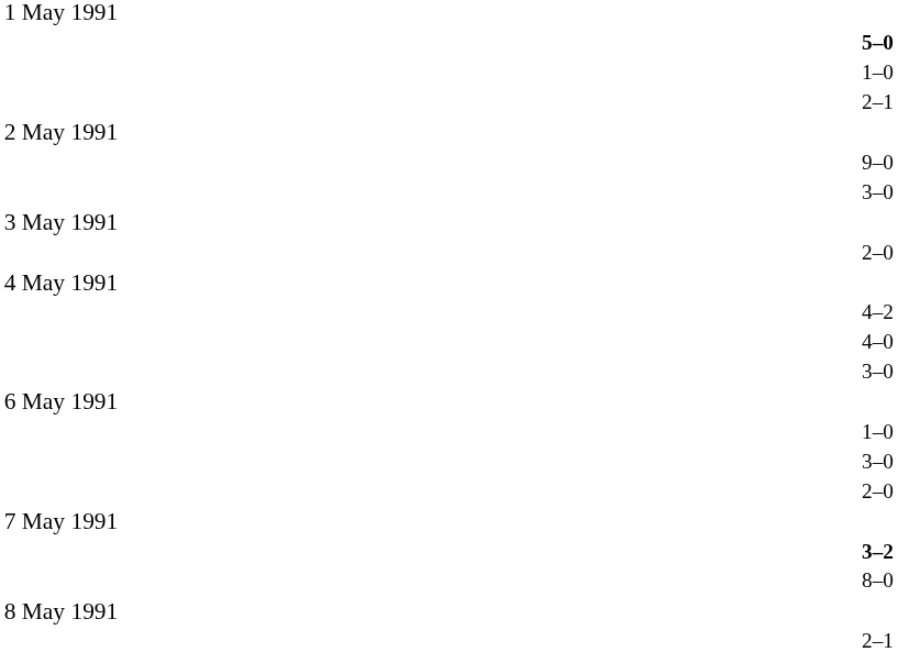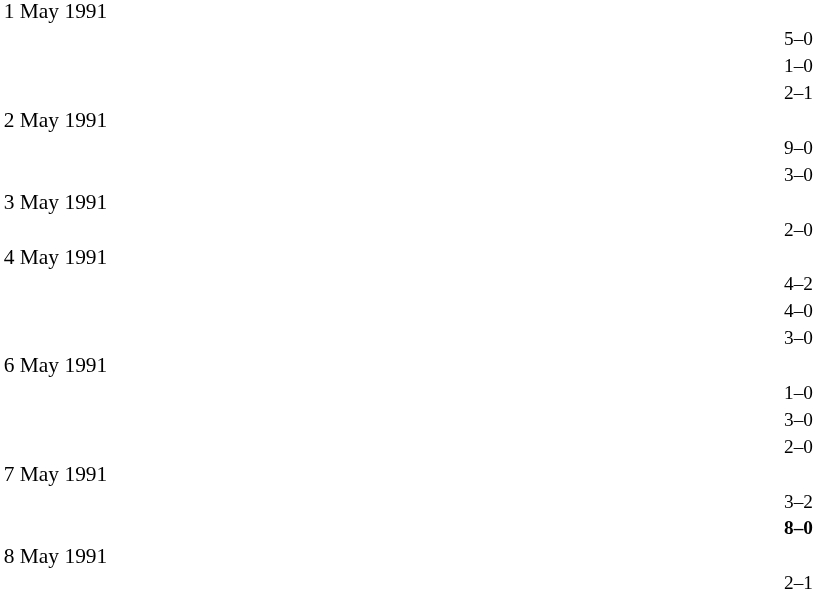 <table style="width:60%;" cellspacing="1">
 <tr>
 <th width=25%></th>
 <th width=10%></th>
 <th width=25%></th>
 </tr>
 <tr>
 <td>1 May 1991</td>
 </tr>
 <tr style=font-size:90%>
 <td align=right></td>
-<td align=center><strong>5–0</strong></td>
+<td align=center>5–0</td>
 <td></td>
 </tr>
 <tr style=font-size:90%>
 <td align=right></td>
 <td align=center>1–0</td>
 <td></td>
 </tr>
 <tr style=font-size:90%>
 <td align=right></td>
 <td align=center>2–1</td>
 <td></td>
 </tr>
 <tr>
 <td>2 May 1991</td>
 </tr>
 <tr style=font-size:90%>
 <td align=right></td>
 <td align=center>9–0</td>
 <td></td>
 </tr>
 <tr style=font-size:90%>
 <td align=right></td>
 <td align=center>3–0</td>
 <td></td>
 </tr>
 <tr>
 <td>3 May 1991</td>
 </tr>
 <tr style=font-size:90%>
 <td align=right></td>
 <td align=center>2–0</td>
 <td></td>
 </tr>
 <tr>
 <td>4 May 1991</td>
 </tr>
 <tr style=font-size:90%>
 <td align=right></td>
 <td align=center>4–2</td>
 <td></td>
 </tr>
 <tr style=font-size:90%>
 <td align=right></td>
 <td align=center>4–0</td>
 <td></td>
 </tr>
 <tr style=font-size:90%>
 <td align=right></td>
 <td align=center>3–0</td>
 <td></td>
 </tr>
 <tr>
 <td>6 May 1991</td>
 </tr>
 <tr style=font-size:90%>
 <td align=right></td>
 <td align=center>1–0</td>
 <td></td>
 </tr>
 <tr style=font-size:90%>
 <td align=right></td>
 <td align=center>3–0</td>
 <td></td>
 </tr>
 <tr style=font-size:90%>
 <td align=right></td>
 <td align=center>2–0</td>
 <td></td>
 </tr>
 <tr>
 <td>7 May 1991</td>
 </tr>
 <tr style=font-size:90%>
 <td align=right></td>
-<td align=center><strong>3–2</strong></td>
+<td align=center>3–2</td>
 <td></td>
 </tr>
 <tr style=font-size:90%>
 <td align=right></td>
-<td align=center>8–0</td>
+<td align=center><strong>8–0</strong></td>
 <td></td>
 </tr>
 <tr>
 <td>8 May 1991</td>
 </tr>
 <tr style=font-size:90%>
 <td align=right></td>
 <td align=center>2–1</td>
 <td></td>
 </tr>
 </table>
